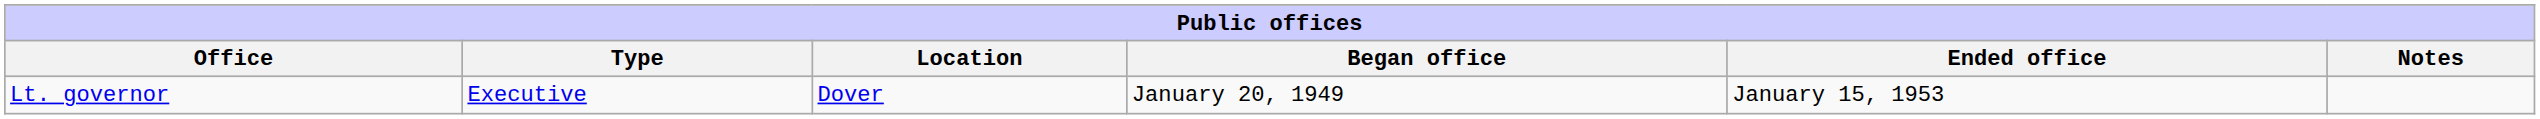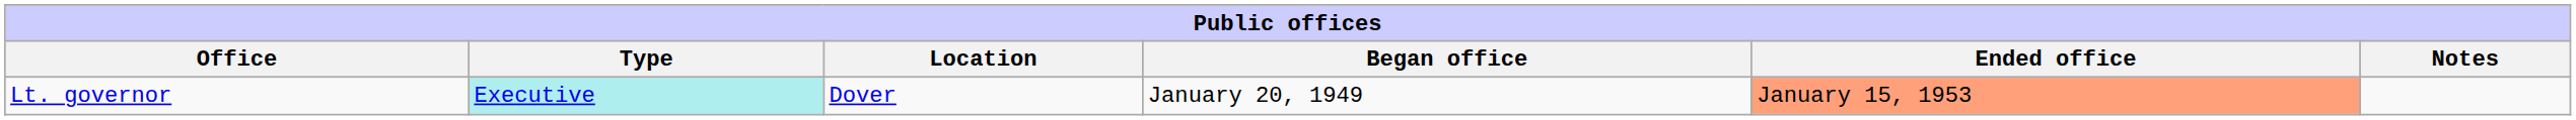 <table class=wikitable style="width: 94%" style="text-align: center;" align="center">
 <tr bgcolor=#cccccc>
 <th colspan=7 style="background: #ccccff;"><strong>Public offices</strong></th>
 </tr>
 <tr>
 <th><strong>Office</strong></th>
 <th><strong>Type</strong></th>
 <th><strong>Location</strong></th>
 <th><strong>Began office</strong></th>
 <th><strong>Ended office</strong></th>
 <th><strong>Notes</strong></th>
 </tr>
 <tr>
 <td><a href='#'>Lt. governor</a></td>
-<td><a href='#'>Executive</a></td>
+<td style="background: paleturquoise;"><a href='#'>Executive</a></td>
 <td><a href='#'>Dover</a></td>
 <td>January 20, 1949</td>
-<td>January 15, 1953</td>
+<td style="background: lightsalmon;">January 15, 1953</td>
 <td></td>
 </tr>
 </table>
